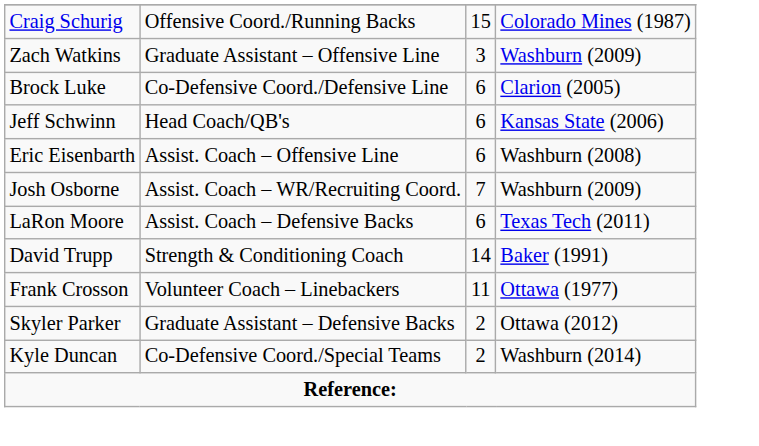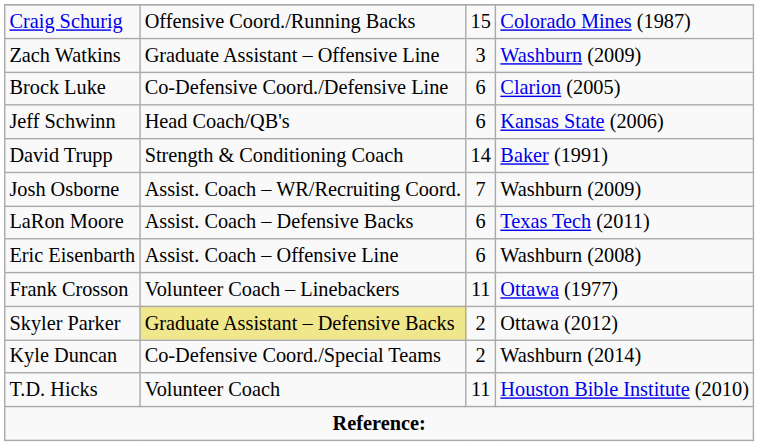 <table class="wikitable" border="1" style="font-size:90%;">
 <tr>
 </tr>
 <tr>
 <td><a href='#'>Craig Schurig</a></td>
 <td>Offensive Coord./Running Backs</td>
 <td align=center>15</td>
 <td><a href='#'>Colorado Mines</a> (1987)</td>
 </tr>
 <tr>
 <td>Zach Watkins</td>
 <td>Graduate Assistant – Offensive Line</td>
 <td align=center>3</td>
 <td><a href='#'>Washburn</a> (2009)</td>
 </tr>
 <tr>
 <td>Brock Luke</td>
 <td>Co-Defensive Coord./Defensive Line</td>
 <td align=center>6</td>
 <td><a href='#'>Clarion</a> (2005)</td>
 </tr>
 <tr>
 <td>Jeff Schwinn</td>
 <td>Head Coach/QB's</td>
 <td align=center>6</td>
 <td><a href='#'>Kansas State</a> (2006)</td>
 </tr>
 <tr>
-<td>Eric Eisenbarth</td>
-<td>Assist. Coach – Offensive Line</td>
-<td align=center>6</td>
-<td>Washburn (2008)</td>
+<td>David Trupp</td>
+<td>Strength & Conditioning Coach</td>
+<td align=center>14</td>
+<td><a href='#'>Baker</a> (1991)</td>
 </tr>
 <tr>
 <td>Josh Osborne</td>
 <td>Assist. Coach – WR/Recruiting Coord.</td>
 <td align=center>7</td>
 <td>Washburn (2009)</td>
 </tr>
 <tr>
 <td>LaRon Moore</td>
 <td>Assist. Coach – Defensive Backs</td>
 <td align=center>6</td>
 <td><a href='#'>Texas Tech</a> (2011)</td>
 </tr>
 <tr>
-<td>David Trupp</td>
-<td>Strength & Conditioning Coach</td>
-<td align=center>14</td>
-<td><a href='#'>Baker</a> (1991)</td>
+<td>Eric Eisenbarth</td>
+<td>Assist. Coach – Offensive Line</td>
+<td align=center>6</td>
+<td>Washburn (2008)</td>
 </tr>
 <tr>
 <td>Frank Crosson</td>
 <td>Volunteer Coach – Linebackers</td>
 <td align=center>11</td>
 <td><a href='#'>Ottawa</a> (1977)</td>
 </tr>
 <tr>
 <td>Skyler Parker</td>
-<td>Graduate Assistant – Defensive Backs</td>
+<td style="background: khaki;">Graduate Assistant – Defensive Backs</td>
 <td align=center>2</td>
 <td>Ottawa (2012)</td>
 </tr>
 <tr>
 <td>Kyle Duncan</td>
 <td>Co-Defensive Coord./Special Teams</td>
 <td align=center>2</td>
 <td>Washburn (2014)</td>
 </tr>
+<tr>
+<td>T.D. Hicks</td>
+<td>Volunteer Coach</td>
+<td align=center>11</td>
+<td><a href='#'>Houston Bible Institute</a> (2010)</td>
+</tr>
 <tr align="center">
 <td colspan=4><strong>Reference:</strong></td>
 </tr>
 </table>
